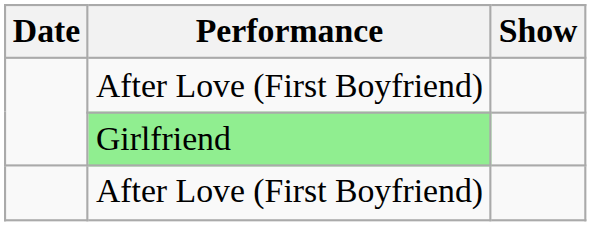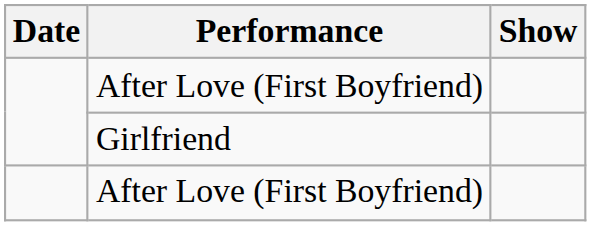 <table class="wikitable">
 <tr>
 <th>Date</th>
 <th>Performance</th>
 <th>Show</th>
 </tr>
 <tr>
 <td rowspan="2"></td>
 <td>After Love (First Boyfriend)</td>
 <td></td>
 </tr>
 <tr>
-<td style="background: lightgreen;">Girlfriend</td>
+<td>Girlfriend</td>
 <td></td>
 </tr>
 <tr>
 <td></td>
 <td>After Love (First Boyfriend)</td>
 <td></td>
 </tr>
 </table>
